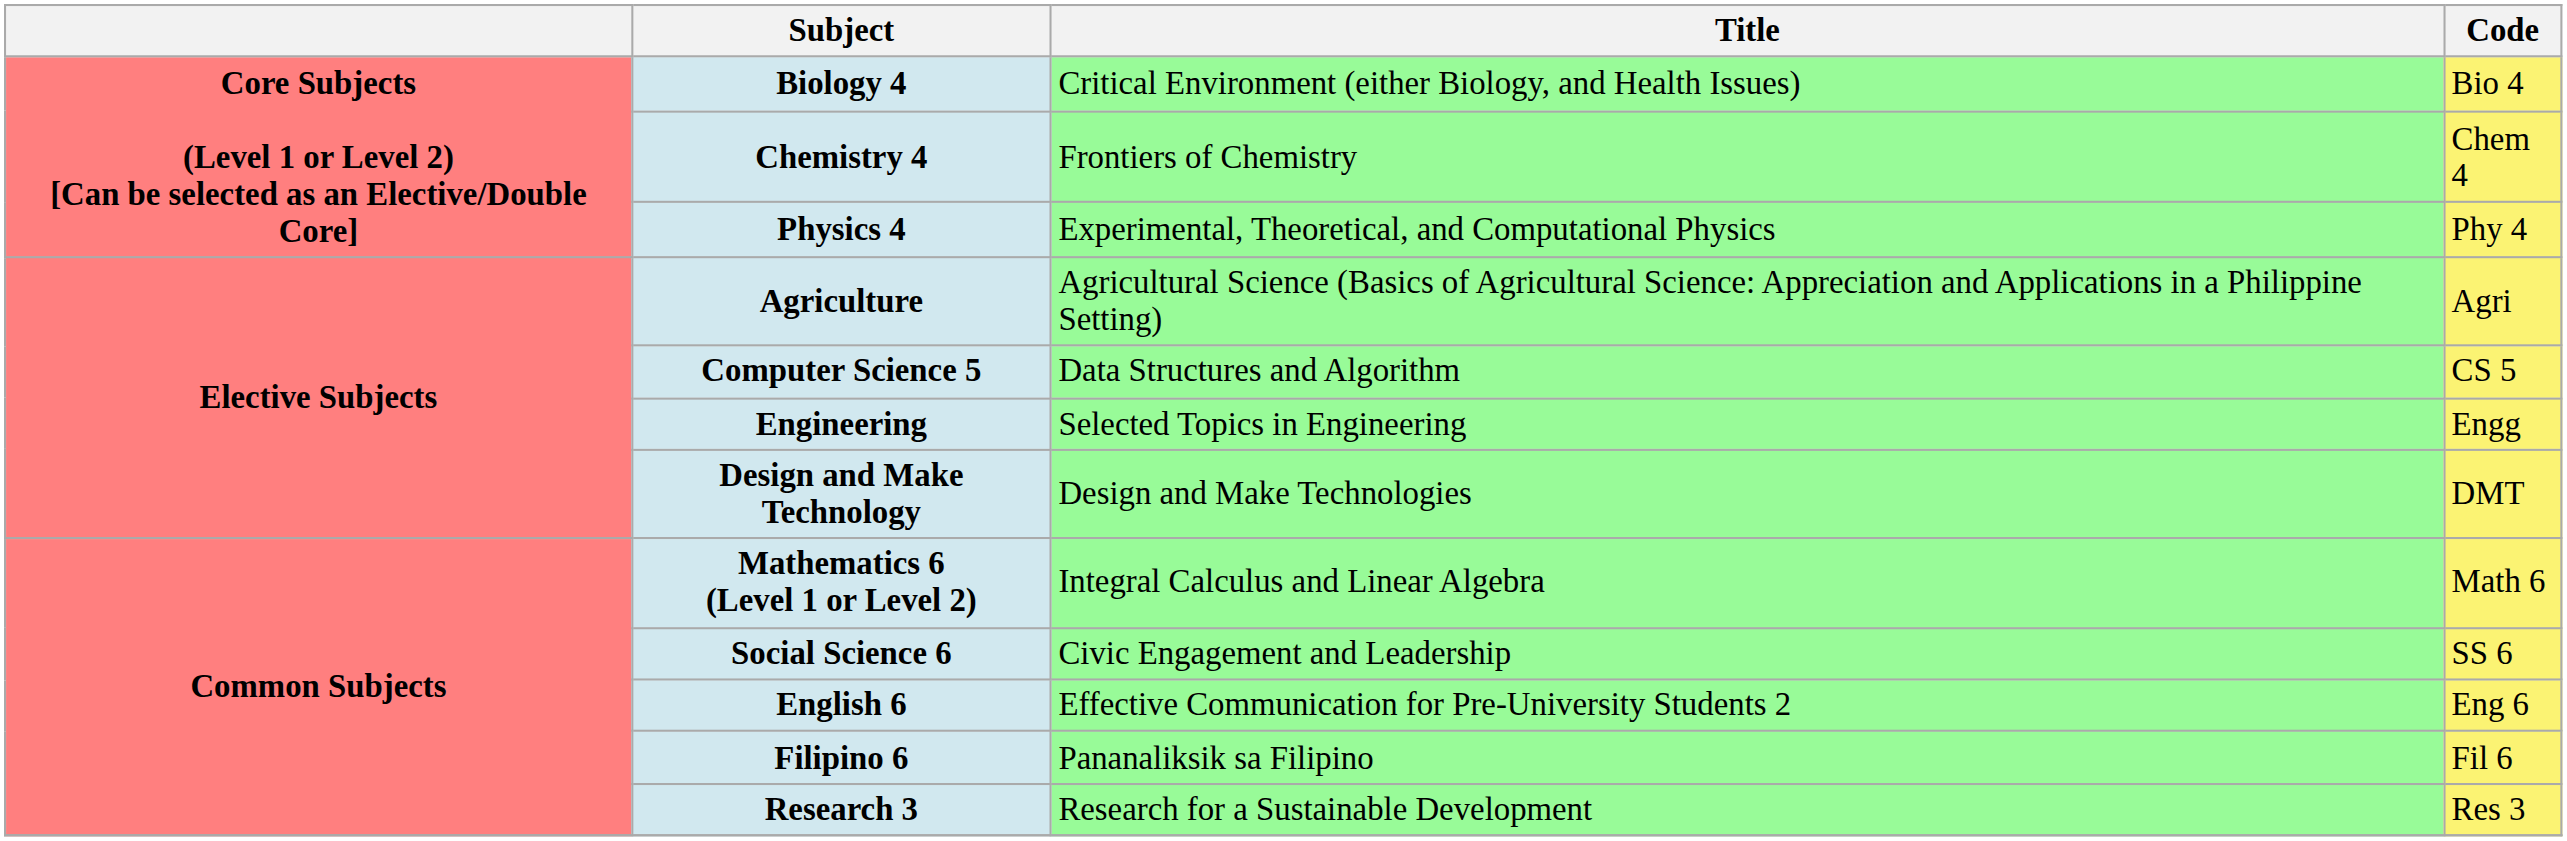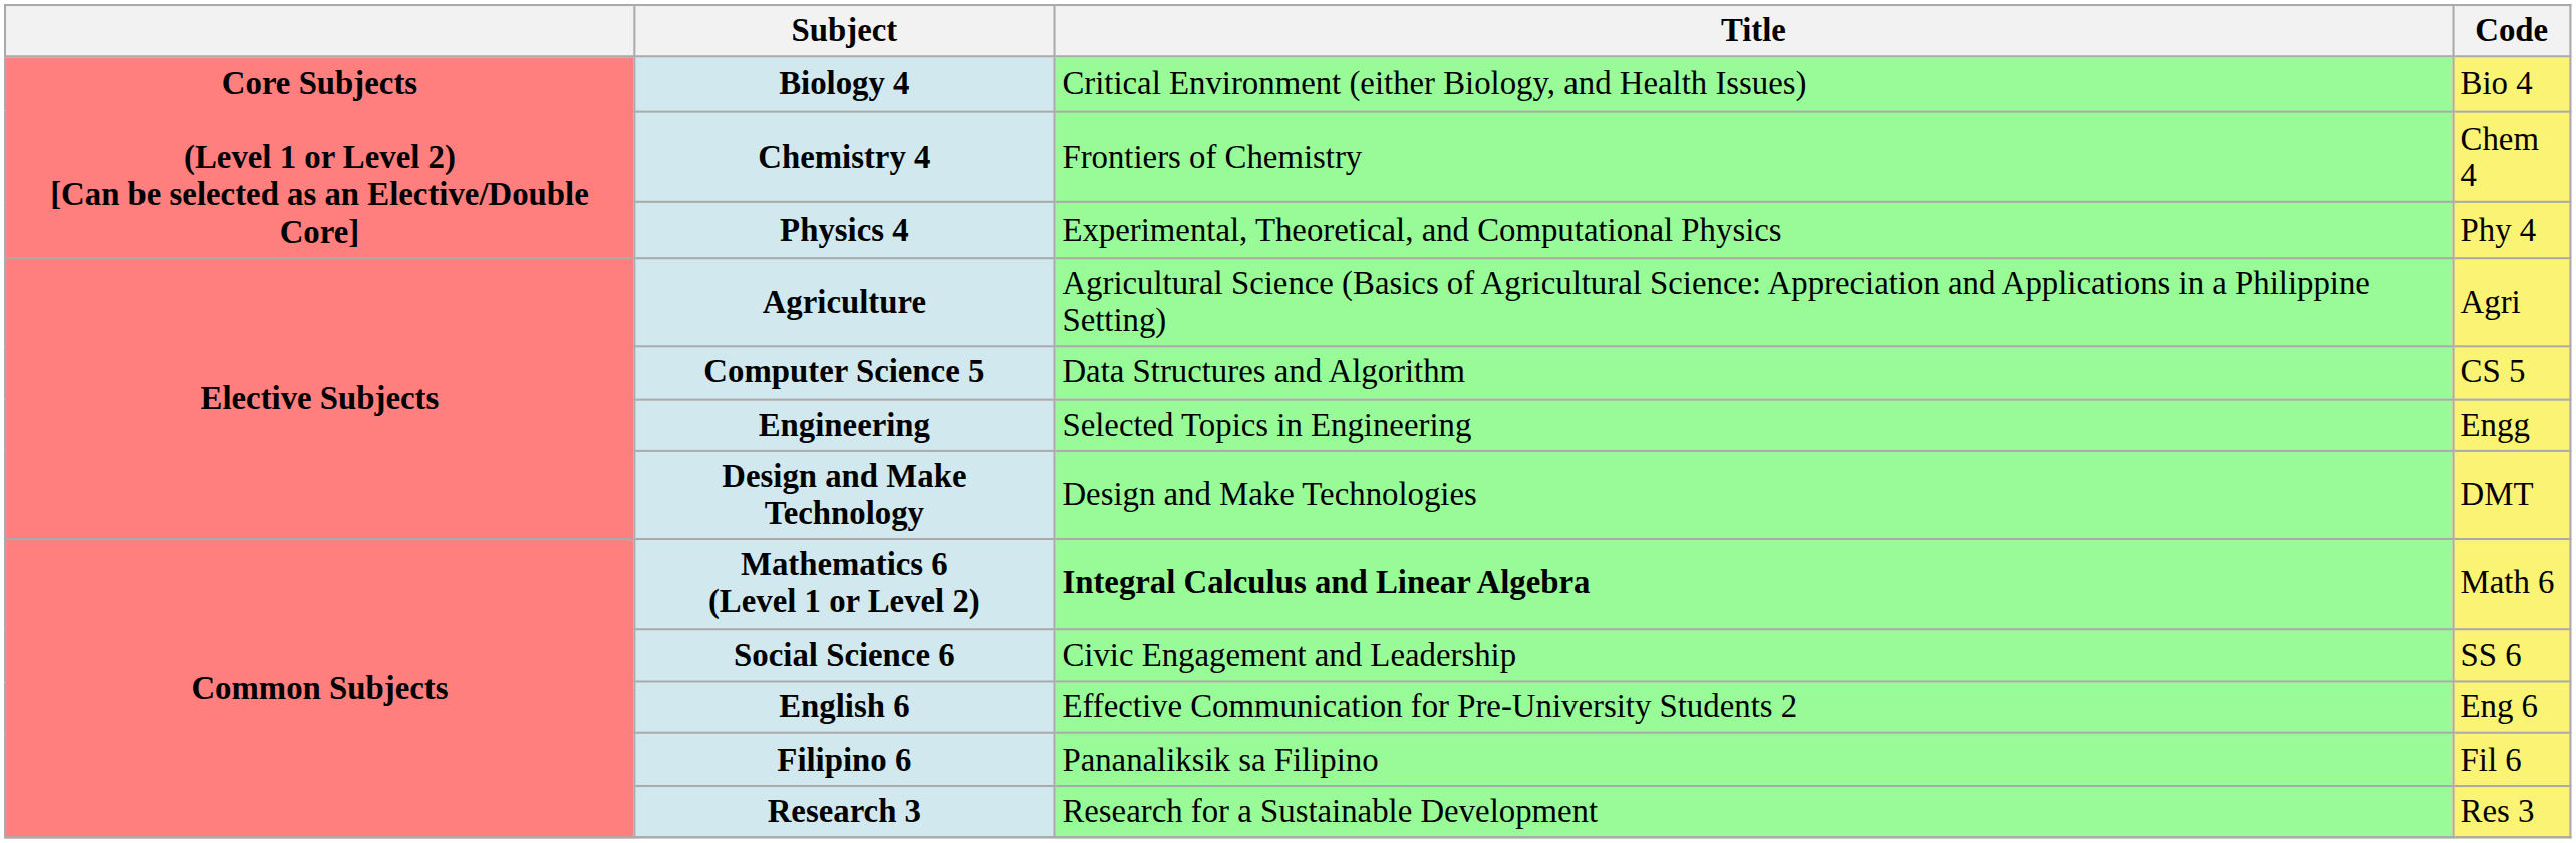 <table class="wikitable collapsible collapsed">
 <tr>
 <th></th>
 <th>Subject</th>
 <th>Title</th>
 <th>Code</th>
 </tr>
 <tr>
 <th rowspan="3" style="background:#FF7F7F">Core Subjects <br><br>(Level 1 or Level 2) <br> [Can be selected as an Elective/Double Core]</th>
 <th style="background:#D1E8EF">Biology 4</th>
 <td style="background:#98FB98;">Critical Environment (either Biology, and Health Issues)</td>
 <td style="background:#FBF373;">Bio 4</td>
 </tr>
 <tr>
 <th style="background:#D1E8EF">Chemistry 4</th>
 <td style="background:#98FB98;">Frontiers of Chemistry</td>
 <td style="background:#FBF373;">Chem 4</td>
 </tr>
 <tr>
 <th style="background:#D1E8EF">Physics 4</th>
 <td style="background:#98FB98;">Experimental, Theoretical, and Computational Physics</td>
 <td style="background:#FBF373;">Phy 4</td>
 </tr>
 <tr>
 <th rowspan="4" style="background:#FF7F7F">Elective Subjects</th>
 <th style="background:#D1E8EF">Agriculture</th>
 <td style="background:#98FB98;">Agricultural Science (Basics of Agricultural Science: Appreciation and Applications in a Philippine Setting)</td>
 <td style="background:#FBF373;">Agri</td>
 </tr>
 <tr>
 <th style="background:#D1E8EF">Computer Science 5</th>
 <td style="background:#98FB98;">Data Structures and Algorithm</td>
 <td style="background:#FBF373;">CS 5</td>
 </tr>
 <tr>
 <th style="background:#D1E8EF">Engineering</th>
 <td style="background:#98FB98;">Selected Topics in Engineering</td>
 <td style="background:#FBF373;">Engg</td>
 </tr>
 <tr>
 <th style="background:#D1E8EF">Design and Make Technology</th>
 <td style="background:#98FB98;">Design and Make Technologies</td>
 <td style="background:#FBF373;">DMT</td>
 </tr>
 <tr>
 <th rowspan="5" style="background:#FF7F7F">Common Subjects</th>
 <th style="background:#D1E8EF">Mathematics 6 <br> (Level 1 or Level 2)</th>
-<td style="background:#98FB98;">Integral Calculus and Linear Algebra</td>
+<td style="background:#98FB98;"><strong>Integral Calculus and Linear Algebra</strong></td>
 <td style="background:#FBF373;">Math 6</td>
 </tr>
 <tr>
 <th style="background:#D1E8EF">Social Science 6</th>
 <td style="background:#98FB98;">Civic Engagement and Leadership</td>
 <td style="background:#FBF373;">SS 6</td>
 </tr>
 <tr>
 <th style="background:#D1E8EF">English 6</th>
 <td style="background:#98FB98;">Effective Communication for Pre-University Students 2</td>
 <td style="background:#FBF373;">Eng 6</td>
 </tr>
 <tr>
 <th style="background:#D1E8EF">Filipino 6</th>
 <td style="background:#98FB98;">Pananaliksik sa Filipino</td>
 <td style="background:#FBF373;">Fil 6</td>
 </tr>
 <tr>
 <th style="background:#D1E8EF">Research 3</th>
 <td style="background:#98FB98;">Research for a Sustainable Development</td>
 <td style="background:#FBF373;">Res 3</td>
 </tr>
 <tr>
 </tr>
 </table>
